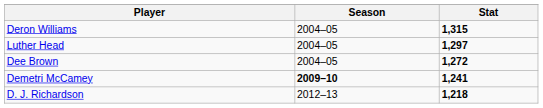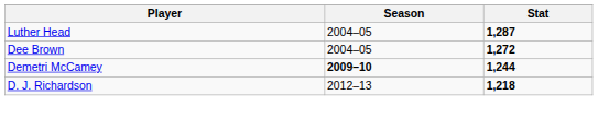 <table class="wikitable sortable" style="text-align: left; width: 65%">
 <tr>
 </tr>
 <tr>
 <th>Player</th>
 <th>Season</th>
 <th>Stat</th>
 </tr>
 <tr>
-<td><a href='#'>Deron Williams</a></td>
-<td>2004–05</td>
-<td><strong>1,315</strong></td>
-</tr>
-<tr>
 <td><a href='#'>Luther Head</a></td>
 <td>2004–05</td>
-<td><strong>1,297</strong></td>
+<td><strong>1,287</strong></td>
 </tr>
 <tr>
 <td><a href='#'>Dee Brown</a></td>
 <td>2004–05</td>
 <td><strong>1,272</strong></td>
 </tr>
 <tr>
 <td><a href='#'>Demetri McCamey</a></td>
 <td><strong>2009–10</strong></td>
-<td><strong>1,241</strong></td>
+<td><strong>1,244</strong></td>
 </tr>
 <tr>
 <td><a href='#'>D. J. Richardson</a></td>
 <td>2012–13</td>
 <td><strong>1,218</strong></td>
 </tr>
 </table>
